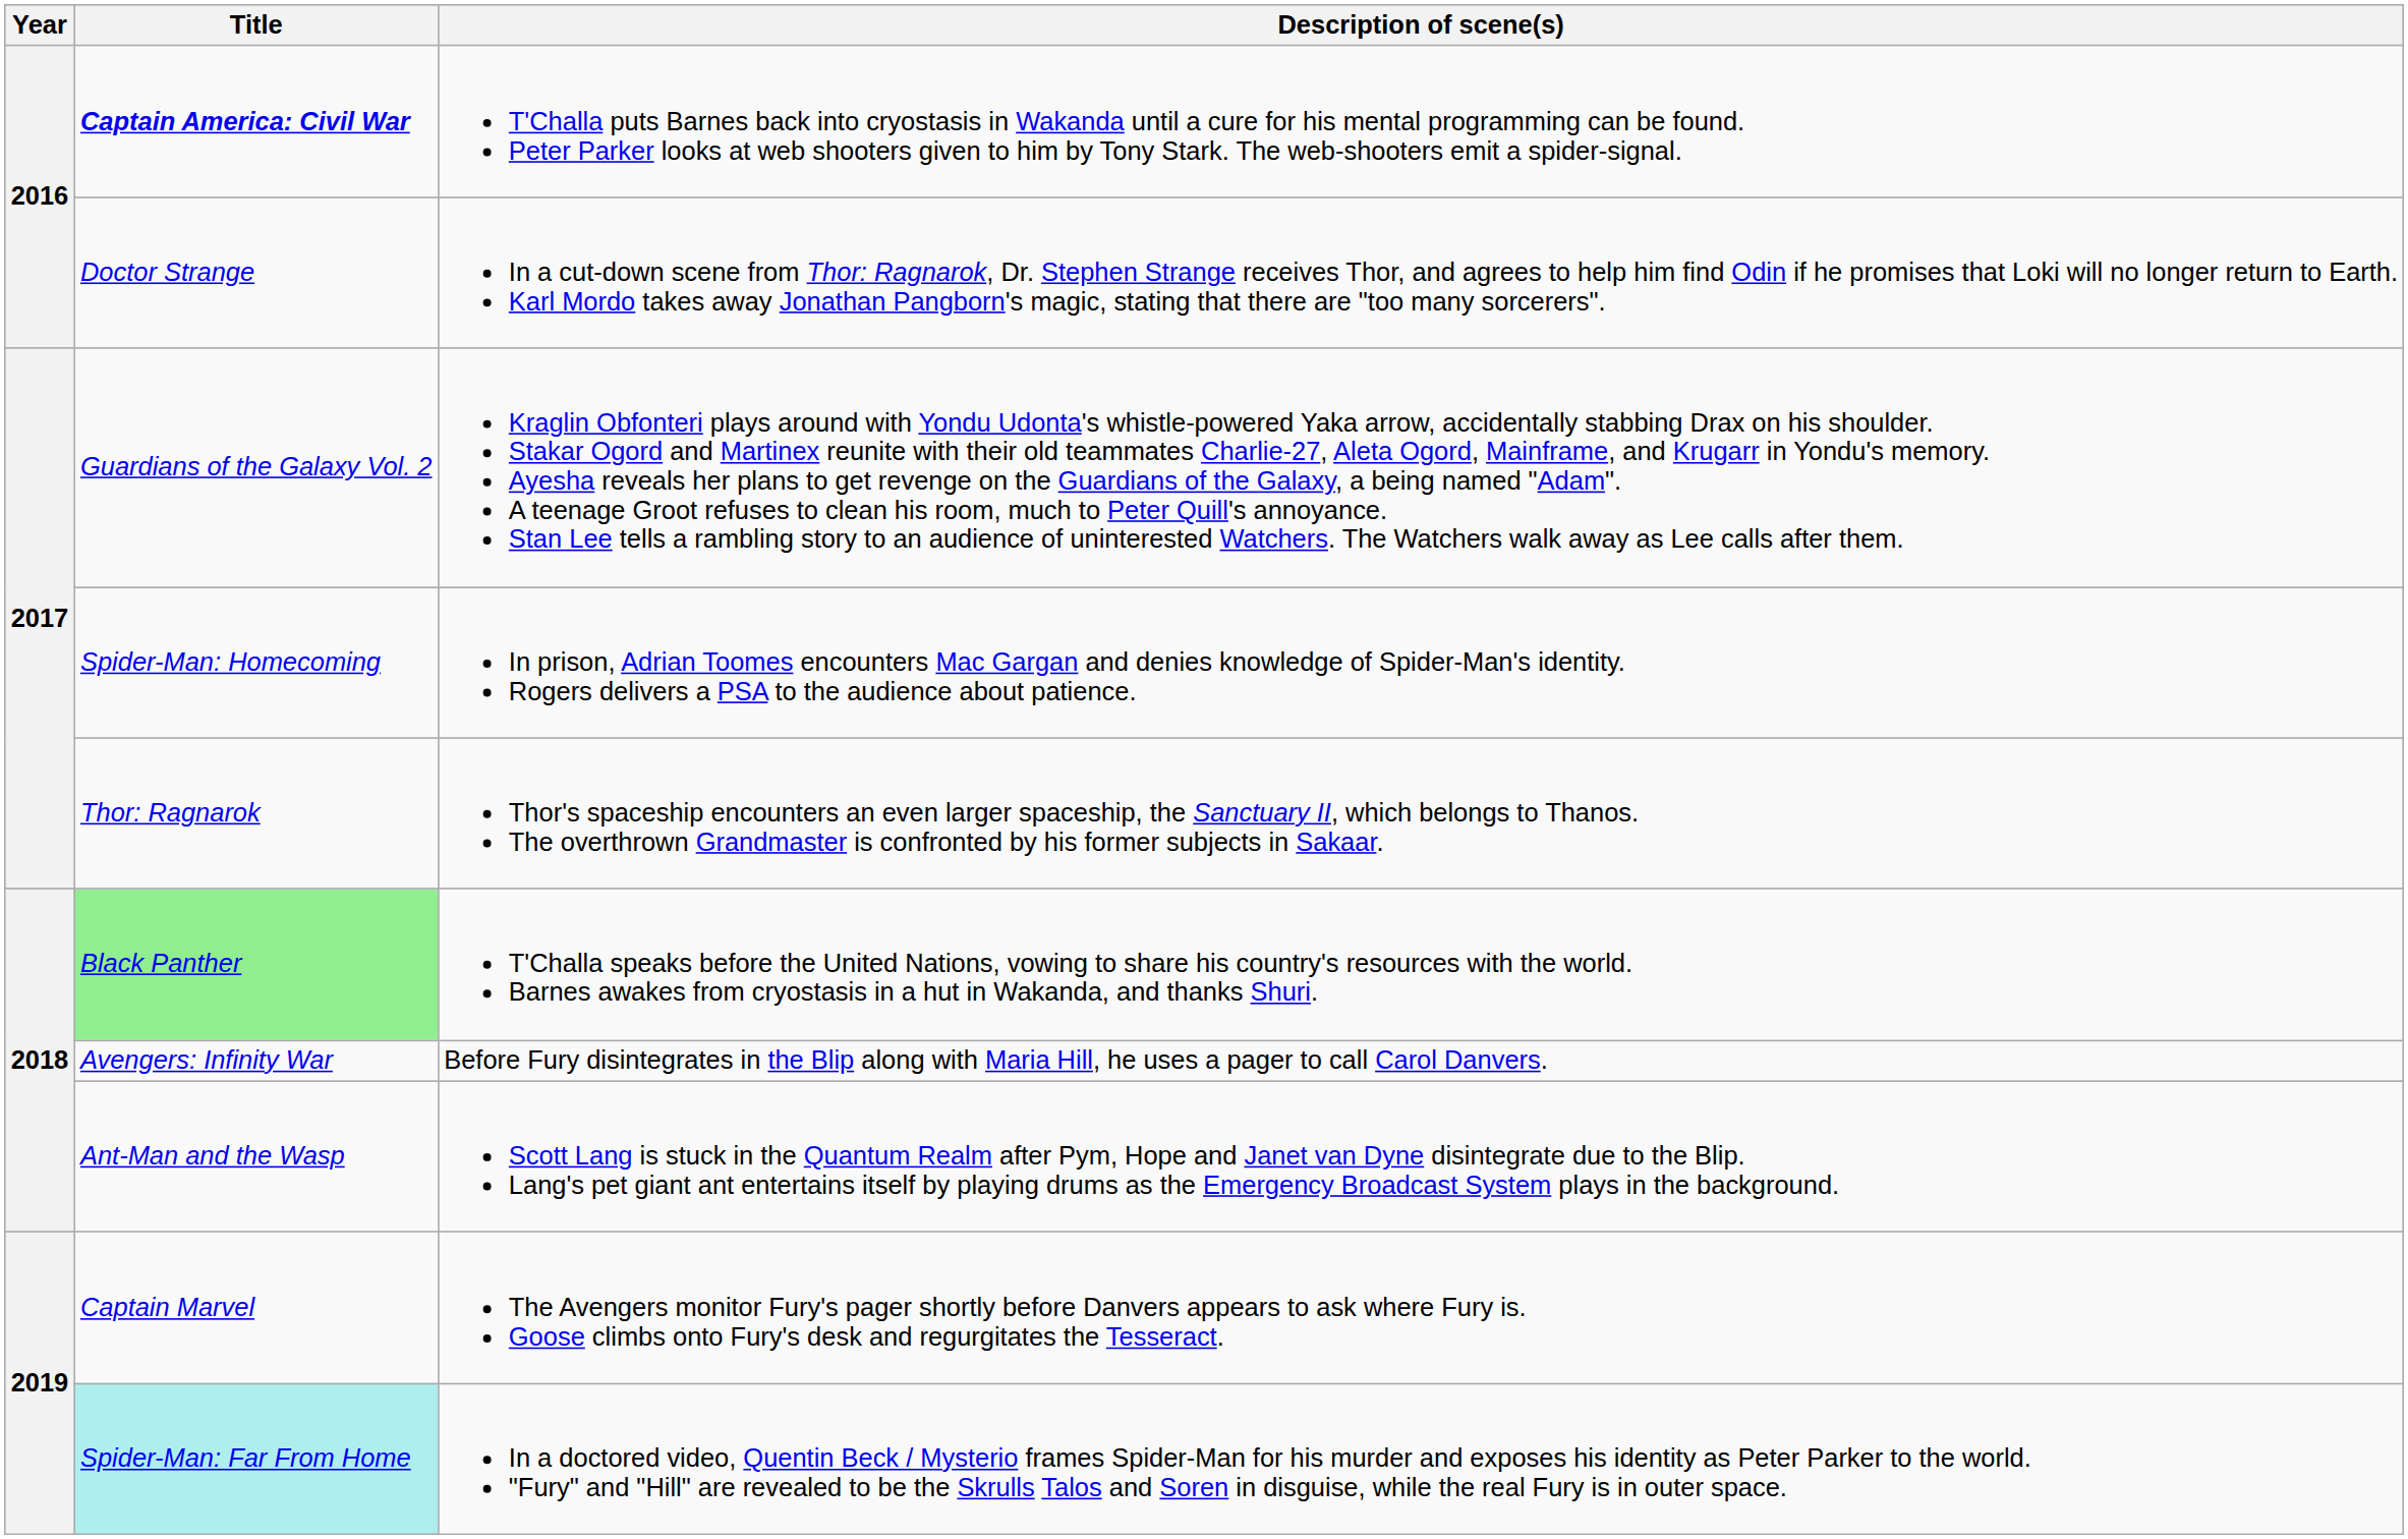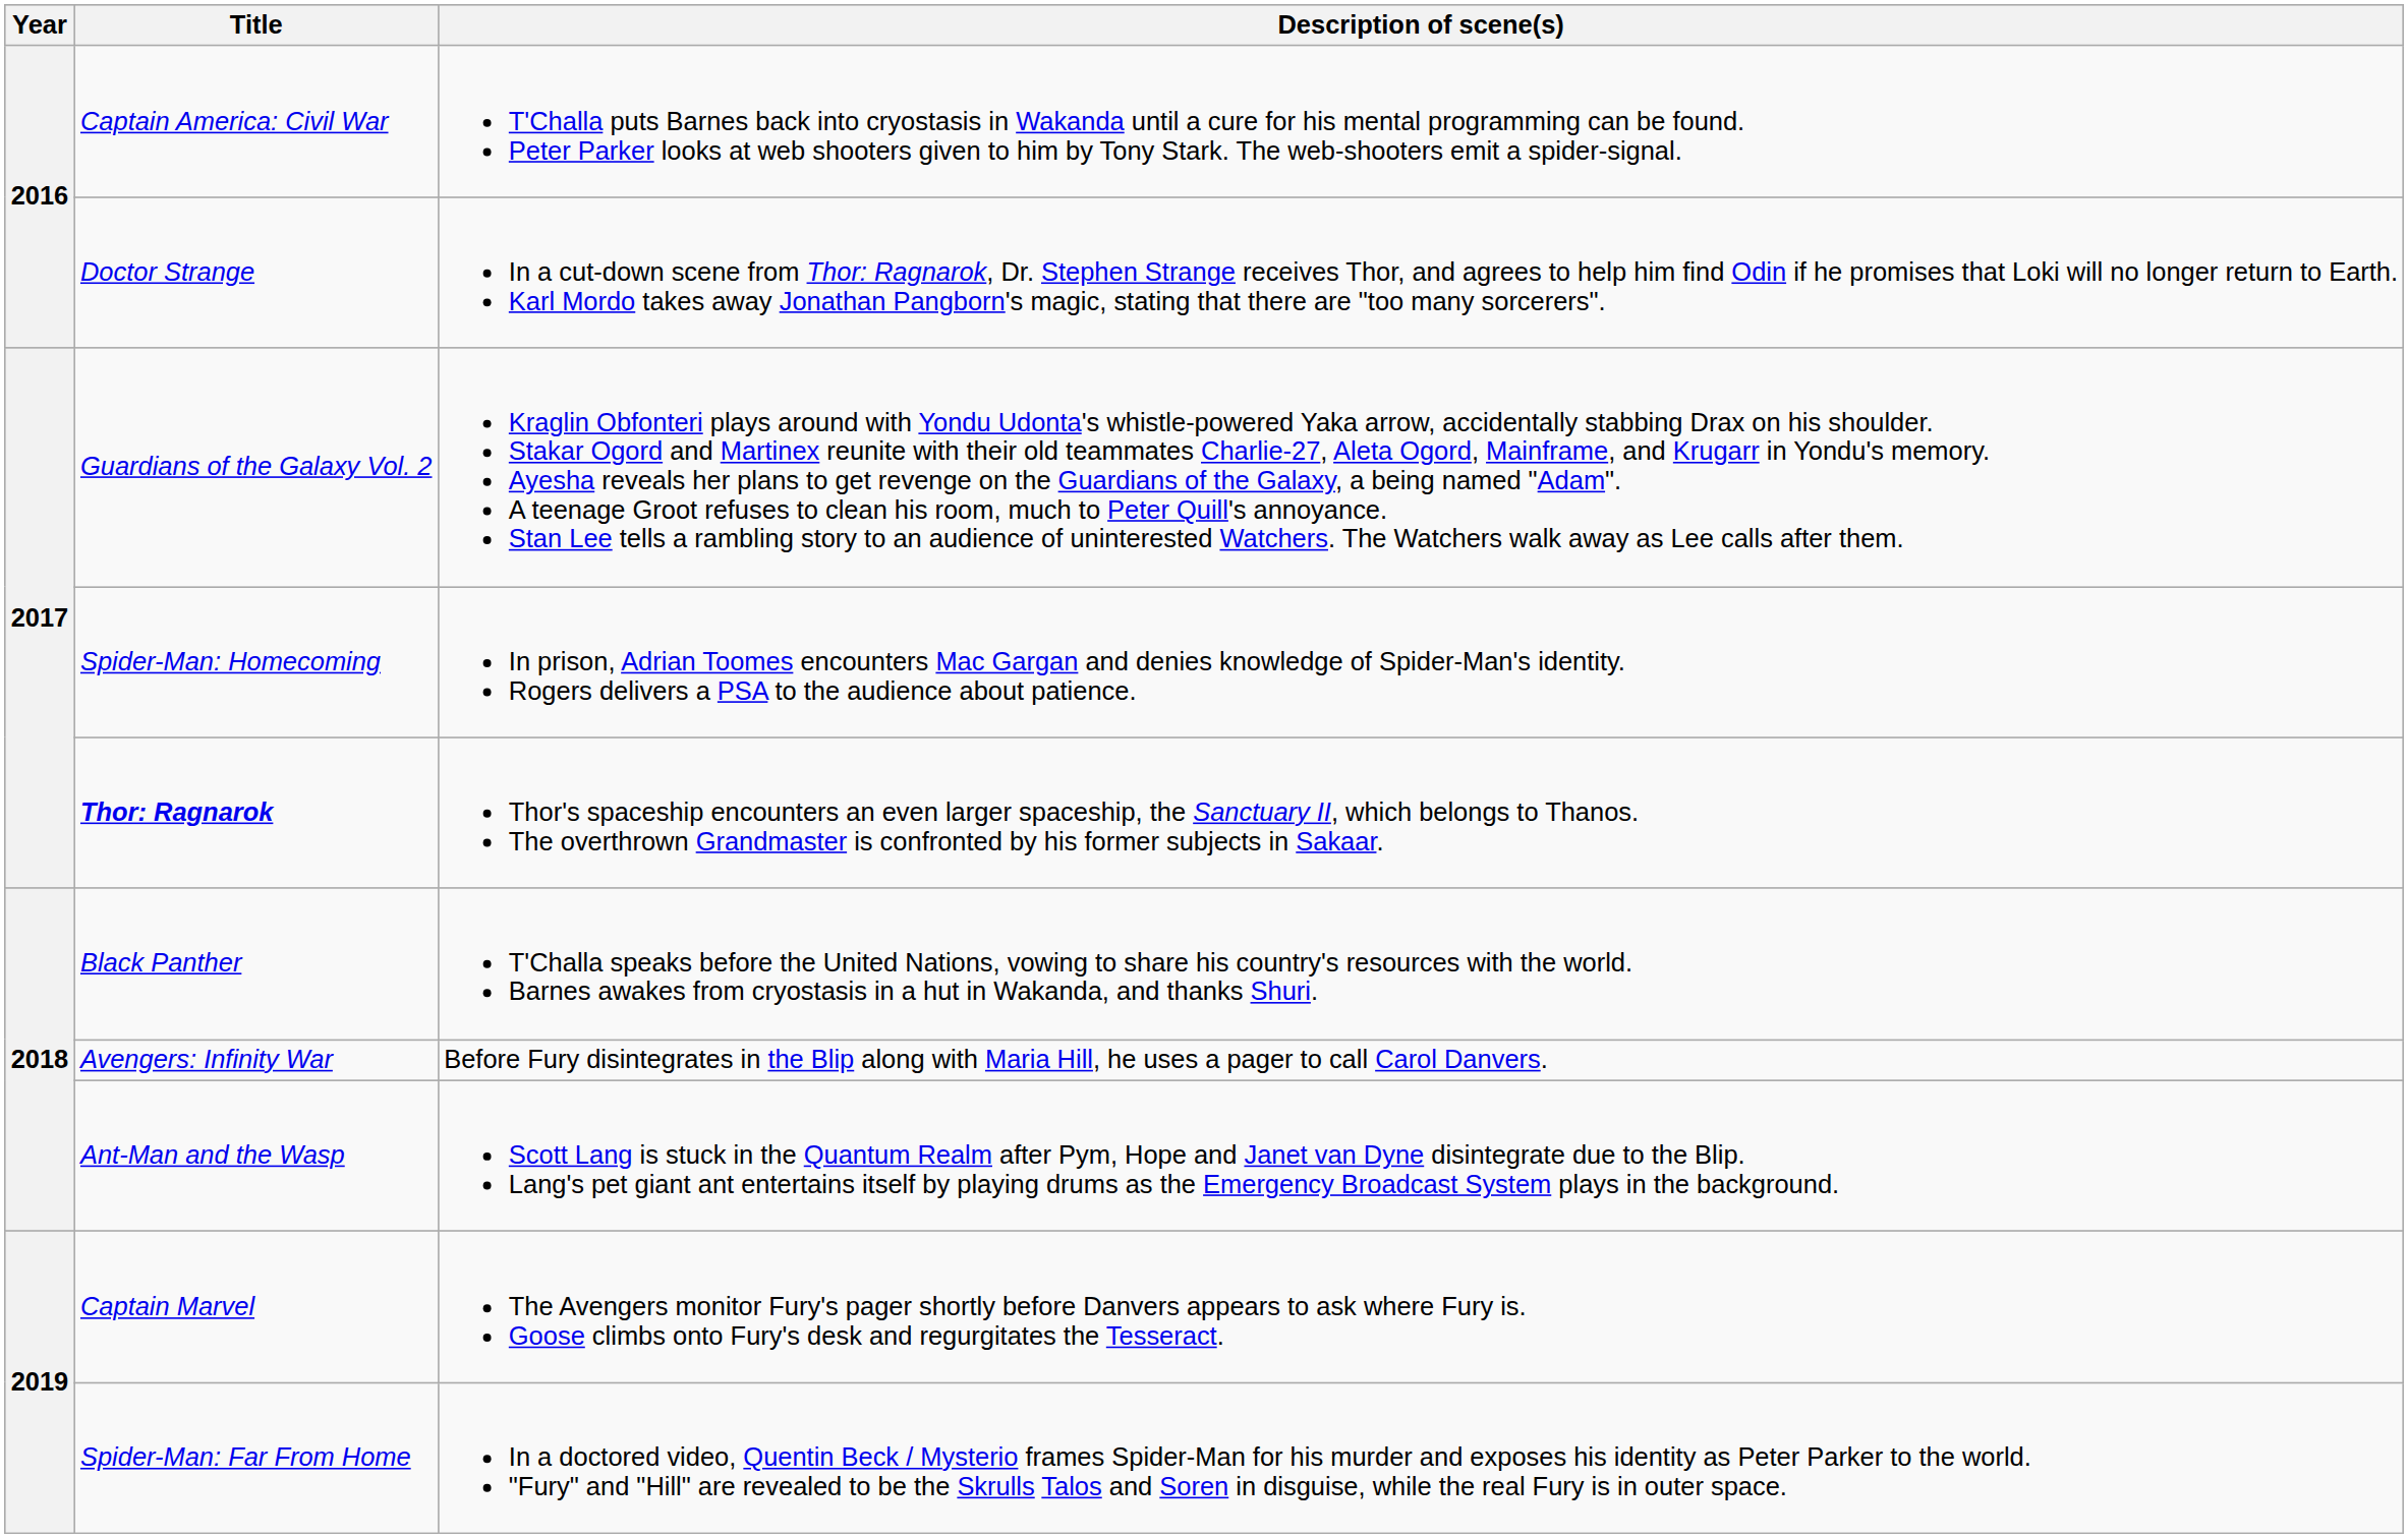 <table class="wikitable">
 <tr>
 <th scope="col">Year</th>
 <th scope="col">Title</th>
 <th scope="col">Description of scene(s)</th>
 </tr>
 <tr>
 <th scope="row" rowspan="2">2016</th>
-<td><strong><em><a href='#'>Captain America: Civil War</a></em></strong></td>
+<td><em><a href='#'>Captain America: Civil War</a></em></td>
 <td><br><ul><li><a href='#'>T'Challa</a> puts Barnes back into cryostasis in <a href='#'>Wakanda</a> until a cure for his mental programming can be found.</li><li><a href='#'>Peter Parker</a> looks at web shooters given to him by Tony Stark. The web-shooters emit a spider-signal.</li></ul></td>
 </tr>
 <tr>
 <td><em><a href='#'>Doctor Strange</a></em></td>
 <td><br><ul><li>In a cut-down scene from <em><a href='#'>Thor: Ragnarok</a></em>, Dr. <a href='#'>Stephen Strange</a> receives Thor, and agrees to help him find <a href='#'>Odin</a> if he promises that Loki will no longer return to Earth.</li><li><a href='#'>Karl Mordo</a> takes away <a href='#'>Jonathan Pangborn</a>'s magic, stating that there are "too many sorcerers".</li></ul></td>
 </tr>
 <tr>
 <th scope="row" rowspan="3">2017</th>
 <td><em><a href='#'>Guardians of the Galaxy Vol. 2</a></em></td>
 <td><br><ul><li><a href='#'>Kraglin Obfonteri</a> plays around with <a href='#'>Yondu Udonta</a>'s whistle-powered Yaka arrow, accidentally stabbing Drax on his shoulder.</li><li><a href='#'>Stakar Ogord</a> and <a href='#'>Martinex</a> reunite with their old teammates <a href='#'>Charlie-27</a>, <a href='#'>Aleta Ogord</a>, <a href='#'>Mainframe</a>, and <a href='#'>Krugarr</a> in Yondu's memory.</li><li><a href='#'>Ayesha</a> reveals her plans to get revenge on the <a href='#'>Guardians of the Galaxy</a>, a being named "<a href='#'>Adam</a>".</li><li>A teenage Groot refuses to clean his room, much to <a href='#'>Peter Quill</a>'s annoyance.</li><li><a href='#'>Stan Lee</a> tells a rambling story to an audience of uninterested <a href='#'>Watchers</a>. The Watchers walk away as Lee calls after them.</li></ul></td>
 </tr>
 <tr>
 <td><em><a href='#'>Spider-Man: Homecoming</a></em></td>
 <td><br><ul><li>In prison, <a href='#'>Adrian Toomes</a> encounters <a href='#'>Mac Gargan</a> and denies knowledge of Spider-Man's identity.</li><li>Rogers delivers a <a href='#'>PSA</a> to the audience about patience.</li></ul></td>
 </tr>
 <tr>
-<td><em><a href='#'>Thor: Ragnarok</a></em></td>
+<td><strong><em><a href='#'>Thor: Ragnarok</a></em></strong></td>
 <td><br><ul><li>Thor's spaceship encounters an even larger spaceship, the <em><a href='#'>Sanctuary II</a></em>, which belongs to Thanos.</li><li>The overthrown <a href='#'>Grandmaster</a> is confronted by his former subjects in <a href='#'>Sakaar</a>.</li></ul></td>
 </tr>
 <tr>
 <th scope="row" rowspan="3">2018</th>
-<td style="background: lightgreen;"><em><a href='#'>Black Panther</a></em></td>
+<td><em><a href='#'>Black Panther</a></em></td>
 <td><br><ul><li>T'Challa speaks before the United Nations, vowing to share his country's resources with the world.</li><li>Barnes awakes from cryostasis in a hut in Wakanda, and thanks <a href='#'>Shuri</a>.</li></ul></td>
 </tr>
 <tr>
 <td><em><a href='#'>Avengers: Infinity War</a></em></td>
 <td>Before Fury disintegrates in <a href='#'>the Blip</a> along with <a href='#'>Maria Hill</a>, he uses a pager to call <a href='#'>Carol Danvers</a>.</td>
 </tr>
 <tr>
 <td><em><a href='#'>Ant-Man and the Wasp</a></em></td>
 <td><br><ul><li><a href='#'>Scott Lang</a> is stuck in the <a href='#'>Quantum Realm</a> after Pym, Hope and <a href='#'>Janet van Dyne</a> disintegrate due to the Blip.</li><li>Lang's pet giant ant entertains itself by playing drums as the <a href='#'>Emergency Broadcast System</a> plays in the background.</li></ul></td>
 </tr>
 <tr>
 <th scope="row" rowspan="2">2019</th>
 <td><em><a href='#'>Captain Marvel</a></em></td>
 <td><br><ul><li>The Avengers monitor Fury's pager shortly before Danvers appears to ask where Fury is.</li><li><a href='#'>Goose</a> climbs onto Fury's desk and regurgitates the <a href='#'>Tesseract</a>.</li></ul></td>
 </tr>
 <tr>
-<td style="background: paleturquoise;"><em><a href='#'>Spider-Man: Far From Home</a></em></td>
+<td><em><a href='#'>Spider-Man: Far From Home</a></em></td>
 <td><br><ul><li>In a doctored video, <a href='#'>Quentin Beck / Mysterio</a> frames Spider-Man for his murder and exposes his identity as Peter Parker to the world.</li><li>"Fury" and "Hill" are revealed to be the <a href='#'>Skrulls</a> <a href='#'>Talos</a> and <a href='#'>Soren</a> in disguise, while the real Fury is in outer space.</li></ul></td>
 </tr>
 </table>
